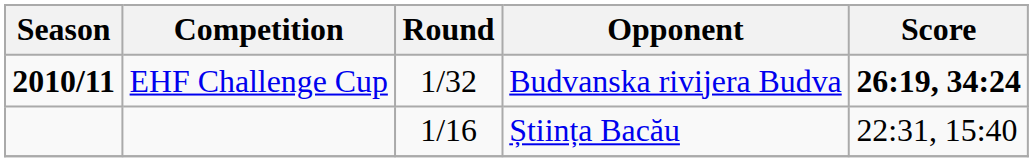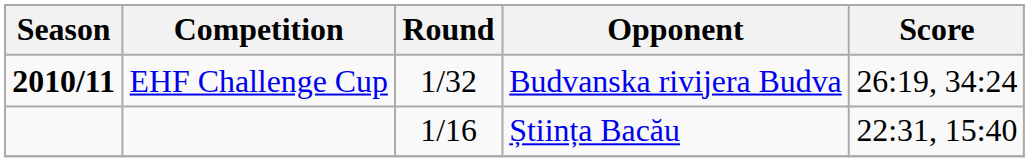 <table class="wikitable">
 <tr>
 <th>Season</th>
 <th>Competition</th>
 <th>Round</th>
 <th>Opponent</th>
 <th>Score</th>
 </tr>
 <tr>
 <td><strong>2010/11</strong></td>
 <td><a href='#'>EHF Challenge Cup</a></td>
 <td align = "center">1/32</td>
 <td> <a href='#'>Budvanska rivijera Budva</a></td>
-<td><strong>26:19, 34:24</strong></td>
+<td>26:19, 34:24</td>
 </tr>
 <tr>
 <td></td>
 <td></td>
 <td align = "center">1/16</td>
 <td> <a href='#'>Știința Bacău</a></td>
 <td>22:31, 15:40</td>
 </tr>
 <tr>
 </tr>
 </table>
